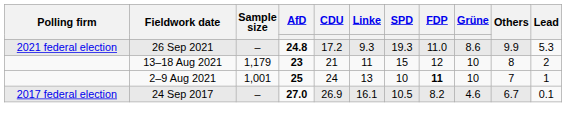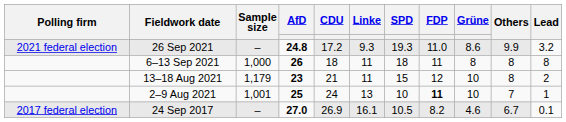 <table class="wikitable sortable mw-datatable" style="text-align:center;font-size:90%;line-height:14px;">
 <tr style="height:40px;">
 <th style="width:160px;" rowspan="2">Polling firm</th>
 <th style="width:135px;" rowspan="2">Fieldwork date</th>
 <th style="width:35px;" rowspan="2">Sample<br>size</th>
 <th class="unsortable" style="width:40px;"><a href='#'>AfD</a></th>
 <th class="unsortable" style="width:40px;"><a href='#'>CDU</a></th>
 <th class="unsortable" style="width:40px;"><a href='#'>Linke</a></th>
 <th class="unsortable" style="width:40px;"><a href='#'>SPD</a></th>
 <th class="unsortable" style="width:40px;"><a href='#'>FDP</a></th>
 <th class="unsortable" style="width:40px;"><a href='#'>Grüne</a></th>
 <th class="unsortable" style="width:30px;" rowspan="2">Others</th>
 <th style="width:30px;" rowspan="2">Lead</th>
 </tr>
 <tr>
 <th style="background:"></th>
 <th style="background:"></th>
 <th style="background:"></th>
 <th style="background:"></th>
 <th style="background:"></th>
 <th style="background:"></th>
 </tr>
 <tr>
 <td style="background:#E9E9E9;"><a href='#'>2021 federal election</a></td>
 <td style="background:#E9E9E9;" data-sort-value="2021-09-26">26 Sep 2021</td>
 <td style="background:#E9E9E9;">–</td>
 <td><strong>24.8</strong></td>
 <td style="background:#E9E9E9;">17.2</td>
 <td style="background:#E9E9E9;">9.3</td>
 <td style="background:#E9E9E9;">19.3</td>
 <td style="background:#E9E9E9;">11.0</td>
 <td style="background:#E9E9E9;">8.6</td>
 <td style="background:#E9E9E9;">9.9</td>
-<td style="background:">5.3</td>
+<td style="background:">3.2</td>
+</tr>
+<tr>
+<td></td>
+<td data-sort-value="2021-09-14">6–13 Sep 2021</td>
+<td>1,000</td>
+<td><strong>26</strong></td>
+<td>18</td>
+<td>11</td>
+<td>18</td>
+<td>11</td>
+<td>8</td>
+<td>8</td>
+<td style="background:">8</td>
 </tr>
 <tr>
 <td></td>
 <td data-sort-value="2021-08-15">13–18 Aug 2021</td>
 <td>1,179</td>
 <td><strong>23</strong></td>
 <td>21</td>
 <td>11</td>
 <td>15</td>
 <td>12</td>
 <td>10</td>
 <td>8</td>
 <td style="background:">2</td>
 </tr>
 <tr>
 <td></td>
 <td data-sort-value="2021-08-15">2–9 Aug 2021</td>
 <td>1,001</td>
 <td><strong>25</strong></td>
 <td>24</td>
 <td>13</td>
 <td>10</td>
 <td><strong>11</strong></td>
 <td>10</td>
 <td>7</td>
 <td style="background:">1</td>
 </tr>
 <tr>
 <td style="background:#E9E9E9;"><a href='#'>2017 federal election</a></td>
 <td style="background:#E9E9E9;"data-sort-value="2017-09-24">24 Sep 2017</td>
 <td style="background:#E9E9E9;">–</td>
 <td><strong>27.0</strong></td>
 <td style="background:#E9E9E9;">26.9</td>
 <td style="background:#E9E9E9;">16.1</td>
 <td style="background:#E9E9E9;">10.5</td>
 <td style="background:#E9E9E9;">8.2</td>
 <td style="background:#E9E9E9;">4.6</td>
 <td style="background:#E9E9E9;">6.7</td>
 <td style="background:">0.1</td>
 </tr>
 </table>
